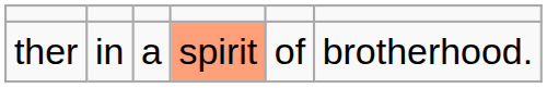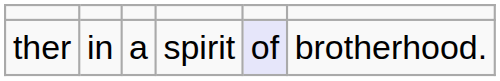 <table class=wikitable>
 <tr align=center>
 <td></td>
 <td></td>
 <td></td>
 <td></td>
 <td></td>
 <td></td>
 </tr>
 <tr align=center>
 <td>ther</td>
 <td>in</td>
 <td>a</td>
-<td style="background: lightsalmon;">spirit</td>
-<td>of</td>
+<td>spirit</td>
+<td style="background: lavender;">of</td>
 <td>brotherhood.</td>
 </tr>
 </table>
